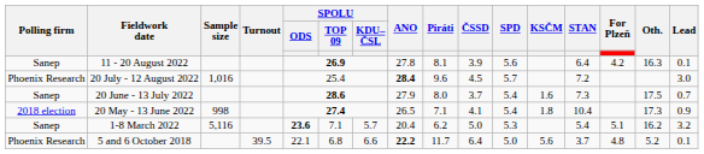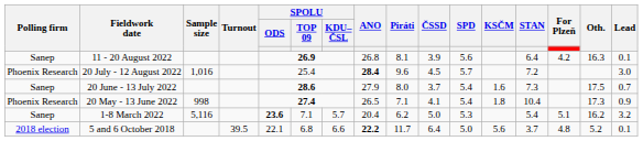 <table class="wikitable mw-collapsible sortable" style="text-align:center;font-size:90%;line-height:14px;">
 <tr>
 <th rowspan="3">Polling firm</th>
 <th rowspan="3">Fieldwork<br>date</th>
 <th rowspan="3">Sample<br>size</th>
 <th rowspan="3">Turnout</th>
 <th colspan="3" class="unsortable" style="width:40px;"><a href='#'>SPOLU</a></th>
 <th rowspan="2" class="unsortable" style="width:40px;"><a href='#'>ANO</a></th>
 <th rowspan="2" class="unsortable" style="width:40px;"><a href='#'>Piráti</a></th>
 <th rowspan="2" class="unsortable" style="width:40px;"><a href='#'>ČSSD</a></th>
 <th rowspan="2" class="unsortable" style="width:40px;"><a href='#'>SPD</a></th>
 <th rowspan="2" class="unsortable" style="width:40px;"><a href='#'>KSČM</a></th>
 <th rowspan="2" class="unsortable" style="width:40px;"><a href='#'>STAN</a></th>
 <th rowspan="2" class="unsortable" style="width:40px;">For Plzeň</th>
 <th rowspan="3" style="width:40px;">Oth.</th>
 <th rowspan="3" style="width:25px;">Lead</th>
 </tr>
 <tr style="height:40px;">
 <th class="unsortable" style="width:40px;"><a href='#'>ODS</a></th>
 <th class="unsortable" style="width:40px;"><a href='#'>TOP 09</a></th>
 <th class="unsortable" style="width:40px;"><a href='#'>KDU–<br>ČSL</a></th>
 </tr>
 <tr>
 <th class="unsortable" style="color:inherit;background:"></th>
 <th class="unsortable" style="color:inherit;background:"></th>
 <th class="unsortable" style="color:inherit;background:"></th>
 <th class="unsortable" style="color:inherit;background:"></th>
 <th class="unsortable" style="color:inherit;background:"></th>
 <th class="unsortable" style="color:inherit;background:"></th>
 <th class="unsortable" style="color:inherit;background:"></th>
 <th class="unsortable" style="color:inherit;background:"></th>
 <th class="unsortable" style="color:inherit;background:"></th>
 <th class="unsortable" style="color:inherit;background:Red;"></th>
 </tr>
 <tr>
 <td>Sanep</td>
 <td>11 - 20 August 2022</td>
 <td></td>
 <td></td>
 <td colspan="3" ><strong>26.9</strong></td>
-<td>27.8</td>
+<td>26.8</td>
 <td>8.1</td>
 <td>3.9</td>
 <td>5.6</td>
 <td></td>
 <td>6.4</td>
 <td>4.2</td>
 <td>16.3</td>
 <td style="background:">0.1</td>
 </tr>
 <tr>
 <td>Phoenix Research</td>
 <td>20 July - 12 August 2022</td>
 <td>1,016</td>
 <td></td>
 <td colspan="3">25.4</td>
 <td><strong>28.4</strong></td>
 <td>9.6</td>
 <td>4.5</td>
 <td>5.7</td>
 <td></td>
 <td>7.2</td>
 <td></td>
 <td></td>
 <td style="background:">3.0</td>
 </tr>
 <tr>
 <td>Sanep</td>
 <td>20 June - 13 July 2022</td>
 <td></td>
 <td></td>
 <td colspan="3" ><strong>28.6</strong></td>
 <td>27.9</td>
 <td>8.0</td>
 <td>3.7</td>
 <td>5.4</td>
 <td>1.6</td>
 <td>7.3</td>
 <td></td>
 <td>17.5</td>
 <td style="background:">0.7</td>
 </tr>
 <tr>
-<td><a href='#'>2018 election</a></td>
+<td>Phoenix Research</td>
 <td>20 May - 13 June 2022</td>
 <td>998</td>
 <td></td>
 <td colspan="3" ><strong>27.4</strong></td>
 <td>26.5</td>
 <td>7.1</td>
 <td>4.1</td>
 <td>5.4</td>
 <td>1.8</td>
 <td>10.4</td>
 <td></td>
 <td>17.3</td>
 <td style="background:">0.9</td>
 </tr>
 <tr>
 <td>Sanep</td>
 <td>1-8 March 2022</td>
 <td>5,116</td>
 <td></td>
 <td><strong>23.6</strong></td>
 <td>7.1</td>
 <td>5.7</td>
 <td>20.4</td>
 <td>6.2</td>
 <td>5.0</td>
 <td>5.3</td>
 <td></td>
 <td>5.4</td>
 <td>5.1</td>
 <td>16.2</td>
 <td style="background:">3.2</td>
 </tr>
 <tr>
-<td>Phoenix Research</td>
+<td><a href='#'>2018 election</a></td>
 <td>5 and 6 October 2018</td>
 <td></td>
 <td>39.5</td>
 <td>22.1</td>
 <td>6.8</td>
 <td>6.6</td>
 <td><strong>22.2</strong></td>
 <td>11.7</td>
 <td>6.4</td>
 <td>5.0</td>
 <td>5.6</td>
 <td>3.7</td>
 <td>4.8</td>
 <td>5.2</td>
 <td style="background:">0.1</td>
 </tr>
 </table>
